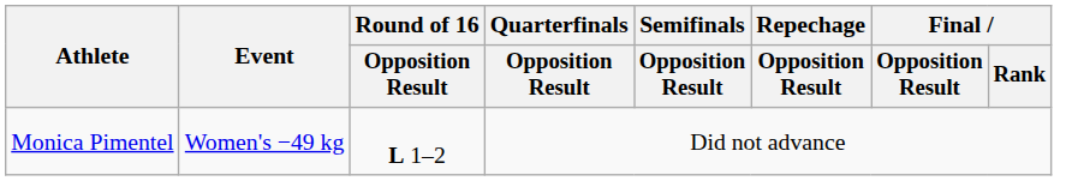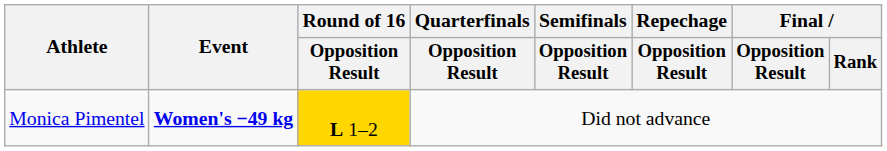 <table class="wikitable" style="font-size:90%;">
 <tr>
 <th rowspan=2>Athlete</th>
 <th rowspan=2>Event</th>
 <th>Round of 16</th>
 <th>Quarterfinals</th>
 <th>Semifinals</th>
 <th>Repechage</th>
 <th colspan=2>Final / </th>
 </tr>
 <tr style="font-size:95%">
 <th>Opposition<br>Result</th>
 <th>Opposition<br>Result</th>
 <th>Opposition<br>Result</th>
 <th>Opposition<br>Result</th>
 <th>Opposition<br>Result</th>
 <th>Rank</th>
 </tr>
 <tr align=center>
 <td align=left><a href='#'>Monica Pimentel</a></td>
-<td align=left><a href='#'>Women's −49 kg</a></td>
-<td><br><strong>L</strong> 1–2</td>
+<td align=left><strong><a href='#'>Women's −49 kg</a></strong></td>
+<td style="background: gold;"><br><strong>L</strong> 1–2</td>
 <td colspan=5>Did not advance</td>
 </tr>
 </table>
